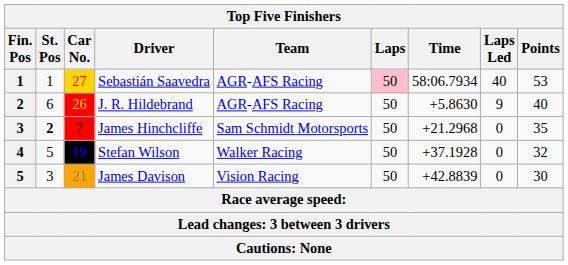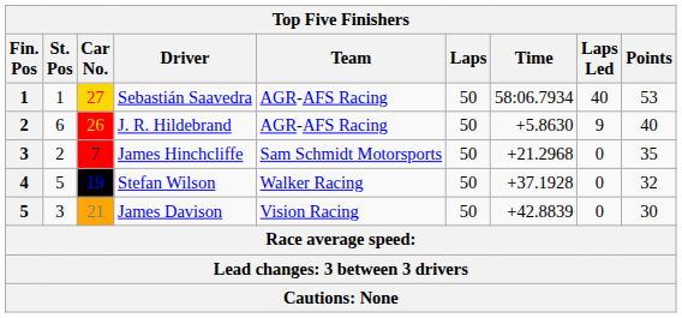 <table class="wikitable" style="font-size:95%;">
 <tr>
 <th colspan=9>Top Five Finishers</th>
 </tr>
 <tr>
 <th>Fin.<br>Pos</th>
 <th>St.<br>Pos</th>
 <th>Car<br>No.</th>
 <th>Driver</th>
 <th>Team</th>
 <th>Laps</th>
 <th>Time</th>
 <th>Laps<br>Led</th>
 <th>Points</th>
 </tr>
 <tr>
 <th>1</th>
 <td align=center>1</td>
 <td style="background:gold; color:red;" align=center>27</td>
 <td> <a href='#'>Sebastián Saavedra</a></td>
 <td><a href='#'>AGR</a>-<a href='#'>AFS Racing</a></td>
-<td align=center style="background: pink;">50</td>
+<td align=center>50</td>
 <td align=right>58:06.7934</td>
 <td align=center>40</td>
 <td align=center>53</td>
 </tr>
 <tr>
 <th>2</th>
 <td align=center>6</td>
 <td style="background:red; color:gold;" align=center>26</td>
 <td> <a href='#'>J. R. Hildebrand</a></td>
 <td><a href='#'>AGR</a>-<a href='#'>AFS Racing</a></td>
 <td align=center>50</td>
 <td align=right>+5.8630</td>
 <td align=center>9</td>
 <td align=center>40</td>
 </tr>
 <tr>
 <th>3</th>
-<td align=center><strong>2</strong></td>
+<td align=center>2</td>
 <td style="background:red; color:black;" align=center>7</td>
 <td> <a href='#'>James Hinchcliffe</a></td>
 <td><a href='#'>Sam Schmidt Motorsports</a></td>
 <td align=center>50</td>
 <td align=right>+21.2968</td>
 <td align=center>0</td>
 <td align=center>35</td>
 </tr>
 <tr>
 <th>4</th>
 <td align=center>5</td>
 <td style="background:black; color:blue;" align=center>19</td>
 <td> <a href='#'>Stefan Wilson</a></td>
 <td><a href='#'>Walker Racing</a></td>
 <td align=center>50</td>
 <td align=right>+37.1928</td>
 <td align=center>0</td>
 <td align=center>32</td>
 </tr>
 <tr>
 <th>5</th>
 <td align=center>3</td>
 <td style="background:orange; color:grey;" align=center>21</td>
 <td> <a href='#'>James Davison</a></td>
 <td><a href='#'>Vision Racing</a></td>
 <td align=center>50</td>
 <td align=right>+42.8839</td>
 <td align=center>0</td>
 <td align=center>30</td>
 </tr>
 <tr>
 <th colspan=9>Race average speed: </th>
 </tr>
 <tr>
 <th colspan=9>Lead changes: 3 between 3 drivers</th>
 </tr>
 <tr>
 <th colspan=9>Cautions: None</th>
 </tr>
 </table>
